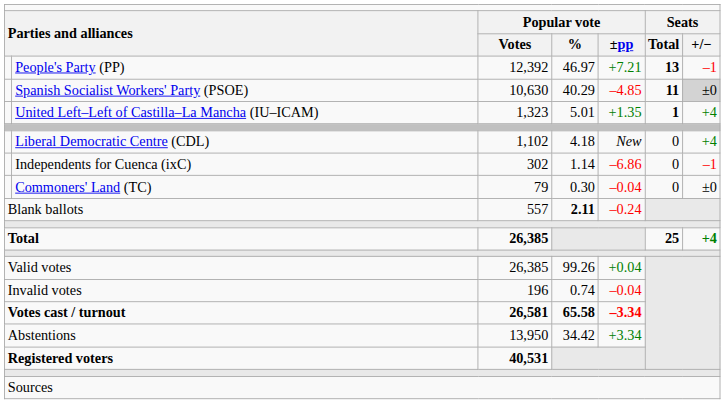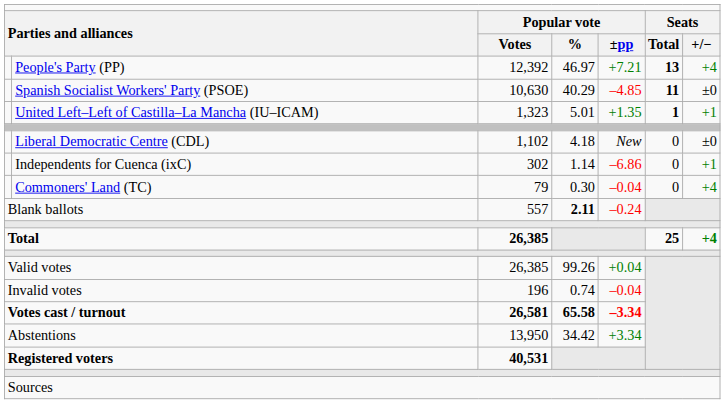 <table class="wikitable" style="text-align:right;">
 <tr>
 <td colspan="7"></td>
 </tr>
 <tr>
 <th style="text-align:left;" rowspan="2" colspan="2" width="525">Parties and alliances</th>
 <th colspan="3">Popular vote</th>
 <th colspan="2">Seats</th>
 </tr>
 <tr>
 <th width="75">Votes</th>
 <th width="45">%</th>
 <th width="45">±<a href='#'>pp</a></th>
 <th width="35">Total</th>
 <th width="35">+/−</th>
 </tr>
 <tr>
 <td width="1" style="color:inherit;background:"></td>
 <td align="left"><a href='#'>People's Party</a> (PP)</td>
 <td>12,392</td>
 <td>46.97</td>
 <td style="color:green;">+7.21</td>
 <td><strong>13</strong></td>
-<td style="color:red;">–1</td>
+<td style="color:green;">+4</td>
 </tr>
 <tr>
 <td style="color:inherit;background:"></td>
 <td align="left"><a href='#'>Spanish Socialist Workers' Party</a> (PSOE)</td>
 <td>10,630</td>
 <td>40.29</td>
 <td style="color:red;">–4.85</td>
 <td><strong>11</strong></td>
-<td style="background: lightgrey;">±0</td>
+<td>±0</td>
 </tr>
 <tr>
 <td style="color:inherit;background:"></td>
 <td align="left"><a href='#'>United Left–Left of Castilla–La Mancha</a> (IU–ICAM)</td>
 <td>1,323</td>
 <td>5.01</td>
 <td style="color:green;">+1.35</td>
 <td><strong>1</strong></td>
-<td style="color:green;">+4</td>
+<td style="color:green;">+1</td>
 </tr>
 <tr>
 <td colspan="7" bgcolor="#C0C0C0"></td>
 </tr>
 <tr>
 <td style="color:inherit;background:"></td>
 <td align="left"><a href='#'>Liberal Democratic Centre</a> (CDL)</td>
 <td>1,102</td>
 <td>4.18</td>
 <td><em>New</em></td>
 <td>0</td>
-<td style="color:green;">+4</td>
+<td>±0</td>
 </tr>
 <tr>
 <td style="color:inherit;background:"></td>
 <td align="left">Independents for Cuenca (ixC)</td>
 <td>302</td>
 <td>1.14</td>
 <td style="color:red;">–6.86</td>
 <td>0</td>
-<td style="color:red;">–1</td>
+<td style="color:green;">+1</td>
 </tr>
 <tr>
 <td style="color:inherit;background:"></td>
 <td align="left"><a href='#'>Commoners' Land</a> (TC)</td>
 <td>79</td>
 <td>0.30</td>
 <td style="color:red;">–0.04</td>
 <td>0</td>
-<td>±0</td>
+<td style="color:green;">+4</td>
 </tr>
 <tr>
 <td align="left" colspan="2">Blank ballots</td>
 <td>557</td>
 <td><strong>2.11</strong></td>
 <td style="color:red;">–0.24</td>
 <td bgcolor="#E9E9E9" colspan="2"></td>
 </tr>
 <tr>
 <td colspan="7" bgcolor="#E9E9E9"></td>
 </tr>
 <tr style="font-weight:bold;">
 <td align="left" colspan="2">Total</td>
 <td>26,385</td>
 <td bgcolor="#E9E9E9" colspan="2"></td>
 <td>25</td>
 <td style="color:green;">+4</td>
 </tr>
 <tr>
 <td colspan="7" bgcolor="#E9E9E9"></td>
 </tr>
 <tr>
 <td align="left" colspan="2">Valid votes</td>
 <td>26,385</td>
 <td>99.26</td>
 <td style="color:green;">+0.04</td>
 <td bgcolor="#E9E9E9" colspan="2" rowspan="5"></td>
 </tr>
 <tr>
 <td align="left" colspan="2">Invalid votes</td>
 <td>196</td>
 <td>0.74</td>
 <td style="color:red;">–0.04</td>
 </tr>
 <tr style="font-weight:bold;">
 <td align="left" colspan="2">Votes cast / turnout</td>
 <td>26,581</td>
 <td>65.58</td>
 <td style="color:red;">–3.34</td>
 </tr>
 <tr>
 <td align="left" colspan="2">Abstentions</td>
 <td>13,950</td>
 <td>34.42</td>
 <td style="color:green;">+3.34</td>
 </tr>
 <tr style="font-weight:bold;">
 <td align="left" colspan="2">Registered voters</td>
 <td>40,531</td>
 <td bgcolor="#E9E9E9" colspan="2"></td>
 </tr>
 <tr>
 <td colspan="7" bgcolor="#E9E9E9"></td>
 </tr>
 <tr>
 <td align="left" colspan="7">Sources</td>
 </tr>
 </table>
